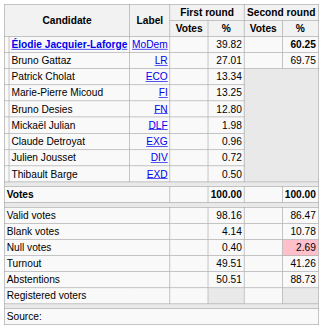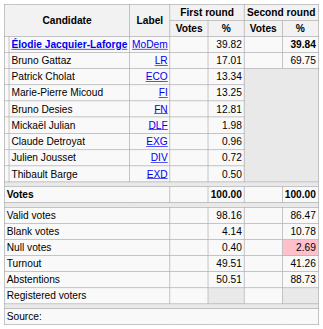 <table class="wikitable" style="text-align:right;font-size:95%;">
 <tr>
 <th rowspan="2" colspan="2">Candidate</th>
 <th rowspan="2">Label</th>
 <th colspan="2">First round</th>
 <th colspan="2">Second round</th>
 </tr>
 <tr>
 <th style="width:50px;">Votes</th>
 <th style="width:45px;">%</th>
 <th style="width:50px;">Votes</th>
 <th style="width:45px;">%</th>
 </tr>
 <tr>
 <td style="color:inherit;background:"></td>
 <td style="text-align:left;"><strong><a href='#'>Élodie Jacquier-Laforge</a></strong></td>
 <td><a href='#'>MoDem</a></td>
 <td></td>
 <td>39.82</td>
 <td><strong></strong></td>
-<td><strong>60.25</strong></td>
+<td><strong>39.84</strong></td>
 </tr>
 <tr>
 <td style="color:inherit;background:"></td>
 <td style="text-align:left;">Bruno Gattaz</td>
 <td><a href='#'>LR</a></td>
 <td></td>
-<td>27.01</td>
+<td>17.01</td>
 <td></td>
 <td>69.75</td>
 </tr>
 <tr>
 <td style="color:inherit;background:"></td>
 <td style="text-align:left;">Patrick Cholat</td>
 <td><a href='#'>ECO</a></td>
 <td></td>
 <td>13.34</td>
 <td colspan="2" rowspan="7" style="background:#E9E9E9;"></td>
 </tr>
 <tr>
 <td style="color:inherit;background:"></td>
 <td style="text-align:left;">Marie-Pierre Micoud</td>
 <td><a href='#'>FI</a></td>
 <td></td>
 <td>13.25</td>
 </tr>
 <tr>
 <td style="color:inherit;background:"></td>
 <td style="text-align:left;">Bruno Desies</td>
 <td><a href='#'>FN</a></td>
 <td></td>
-<td>12.80</td>
+<td>12.81</td>
 </tr>
 <tr>
 <td style="color:inherit;background:"></td>
 <td style="text-align:left;">Mickaël Julian</td>
 <td><a href='#'>DLF</a></td>
 <td></td>
 <td>1.98</td>
 </tr>
 <tr>
 <td style="color:inherit;background:"></td>
 <td style="text-align:left;">Claude Detroyat</td>
 <td><a href='#'>EXG</a></td>
 <td></td>
 <td>0.96</td>
 </tr>
 <tr>
 <td style="color:inherit;background:"></td>
 <td style="text-align:left;">Julien Jousset</td>
 <td><a href='#'>DIV</a></td>
 <td></td>
 <td>0.72</td>
 </tr>
 <tr>
 <td style="color:inherit;background:"></td>
 <td style="text-align:left;">Thibault Barge</td>
 <td><a href='#'>EXD</a></td>
 <td></td>
 <td>0.50</td>
 </tr>
 <tr>
 <td colspan="7" style="background:#E9E9E9;"></td>
 </tr>
 <tr style="font-weight:bold;">
 <td colspan="3" style="text-align:left;">Votes</td>
 <td></td>
 <td>100.00</td>
 <td></td>
 <td>100.00</td>
 </tr>
 <tr>
 <td colspan="7" style="background:#E9E9E9;"></td>
 </tr>
 <tr>
 <td colspan="3" style="text-align:left;">Valid votes</td>
 <td></td>
 <td>98.16</td>
 <td></td>
 <td>86.47</td>
 </tr>
 <tr>
 <td colspan="3" style="text-align:left;">Blank votes</td>
 <td></td>
 <td>4.14</td>
 <td></td>
 <td>10.78</td>
 </tr>
 <tr>
 <td colspan="3" style="text-align:left;">Null votes</td>
 <td></td>
 <td>0.40</td>
 <td></td>
 <td style="background: pink;">2.69</td>
 </tr>
 <tr>
 <td colspan="3" style="text-align:left;">Turnout</td>
 <td></td>
 <td>49.51</td>
 <td></td>
 <td>41.26</td>
 </tr>
 <tr>
 <td colspan="3" style="text-align:left;">Abstentions</td>
 <td></td>
 <td>50.51</td>
 <td></td>
 <td>88.73</td>
 </tr>
 <tr>
 <td colspan="3" style="text-align:left;">Registered voters</td>
 <td></td>
 <td style="color:inherit;background:#E9E9E9;"></td>
 <td></td>
 <td style="color:inherit;background:#E9E9E9;"></td>
 </tr>
 <tr>
 <td colspan="7" style="background:#E9E9E9;"></td>
 </tr>
 <tr>
 <td colspan="7" style="text-align:left;">Source: </td>
 </tr>
 </table>
